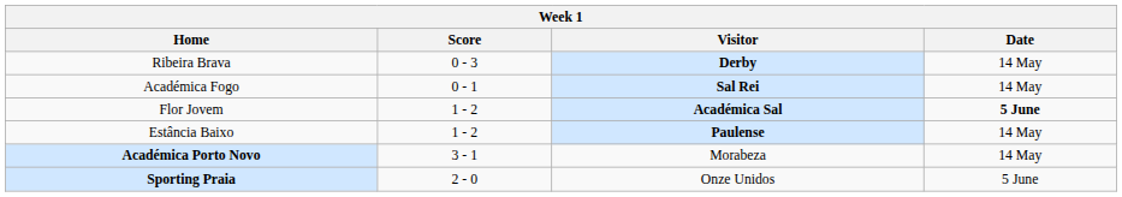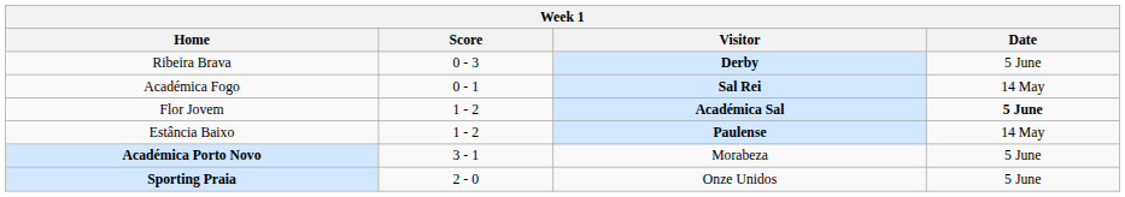 <table class="wikitable" style="font-size:95%; text-align: center; width: 95%;">
 <tr>
 <th colspan="12" style="with: 100%;" align=center>Week 1</th>
 </tr>
 <tr>
 <th width="200">Home</th>
 <th width="90">Score</th>
 <th width="200">Visitor</th>
 <th width="100">Date</th>
 </tr>
 <tr align=center>
 <td>Ribeira Brava</td>
 <td>0 - 3</td>
 <td bgcolor=#D0E7FF><strong>Derby</strong></td>
-<td>14 May</td>
+<td>5 June</td>
 </tr>
 <tr align=center>
 <td>Académica Fogo</td>
 <td>0 - 1</td>
 <td bgcolor=#D0E7FF><strong>Sal Rei</strong></td>
 <td>14 May</td>
 </tr>
 <tr align=center>
 <td>Flor Jovem</td>
 <td>1 - 2</td>
 <td bgcolor=#D0E7FF><strong>Académica Sal</strong></td>
 <td><strong>5 June</strong></td>
 </tr>
 <tr align=center>
 <td>Estância Baixo</td>
 <td>1 - 2</td>
 <td bgcolor=#D0E7FF><strong>Paulense</strong></td>
 <td>14 May</td>
 </tr>
 <tr align=center>
 <td bgcolor=#D0E7FF><strong>Académica Porto Novo</strong></td>
 <td>3 - 1</td>
 <td>Morabeza</td>
-<td>14 May</td>
+<td>5 June</td>
 </tr>
 <tr align=center>
 <td bgcolor=#D0E7FF><strong>Sporting Praia</strong></td>
 <td>2 - 0</td>
 <td>Onze Unidos</td>
 <td>5 June</td>
 </tr>
 </table>
